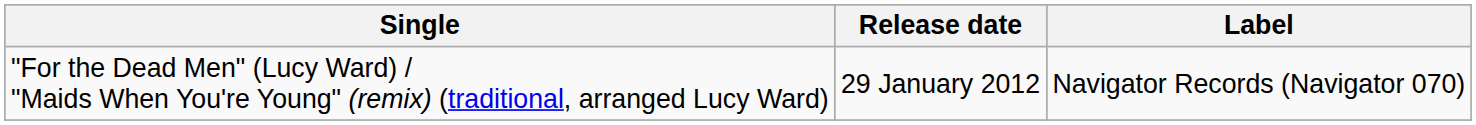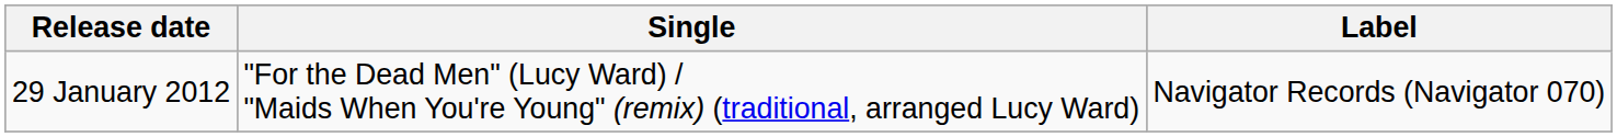 <table class="wikitable">
 <tr>
+<th>Release date</th>
 <th>Single</th>
-<th>Release date</th>
 <th>Label</th>
 </tr>
 <tr>
+<td>29 January 2012</td>
 <td>"For the Dead Men" (Lucy Ward) / <br>"Maids When You're Young" <em>(remix)</em> (<a href='#'>traditional</a>, arranged Lucy Ward)</td>
-<td>29 January 2012</td>
 <td>Navigator Records (Navigator 070)</td>
 </tr>
 </table>
